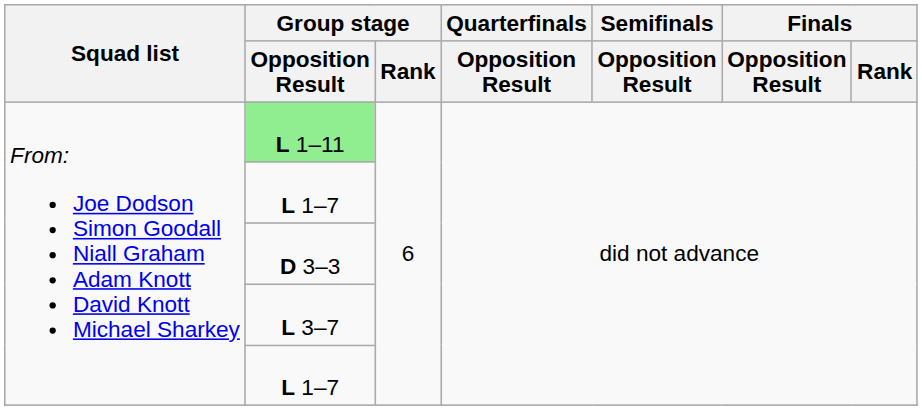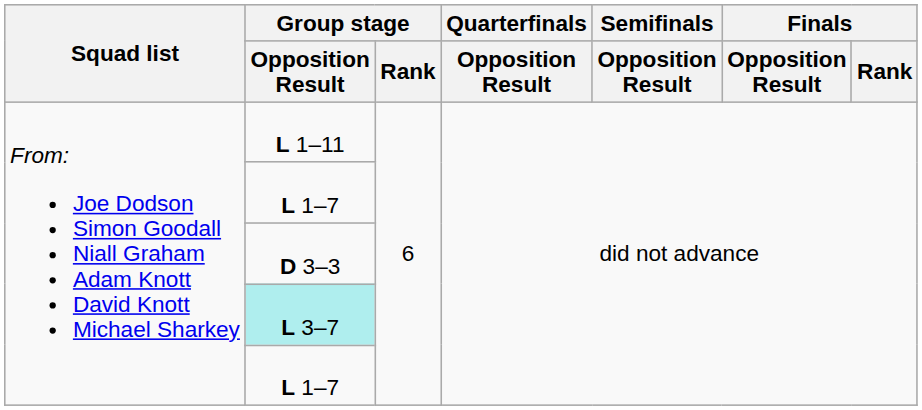 <table class=wikitable style="font-size:90%">
 <tr>
 <th rowspan="2">Squad list</th>
 <th colspan="2">Group stage</th>
 <th>Quarterfinals</th>
 <th>Semifinals</th>
 <th colspan="2">Finals</th>
 </tr>
 <tr>
 <th>Opposition<br>Result</th>
 <th>Rank</th>
 <th>Opposition<br>Result</th>
 <th>Opposition<br>Result</th>
 <th>Opposition<br>Result</th>
 <th>Rank</th>
 </tr>
 <tr>
 <td rowspan="5"><em>From:</em><br><ul><li><a href='#'>Joe Dodson</a></li><li><a href='#'>Simon Goodall</a></li><li><a href='#'>Niall Graham</a></li><li><a href='#'>Adam Knott</a></li><li><a href='#'>David Knott</a></li><li><a href='#'>Michael Sharkey</a></li></ul></td>
-<td align="center" style="background: lightgreen;"><br><strong>L</strong> 1–11</td>
+<td align="center"><br><strong>L</strong> 1–11</td>
 <td align="center" rowspan="5">6</td>
 <td align="center" rowspan="5" colspan=4>did not advance</td>
 </tr>
 <tr>
 <td align="center"><br><strong>L</strong> 1–7</td>
 </tr>
 <tr>
 <td align="center"><br><strong>D</strong> 3–3</td>
 </tr>
 <tr>
-<td align="center"><br><strong>L</strong> 3–7</td>
+<td align="center" style="background: paleturquoise;"><br><strong>L</strong> 3–7</td>
 </tr>
 <tr>
 <td align="center"><br><strong>L</strong> 1–7</td>
 </tr>
 </table>
